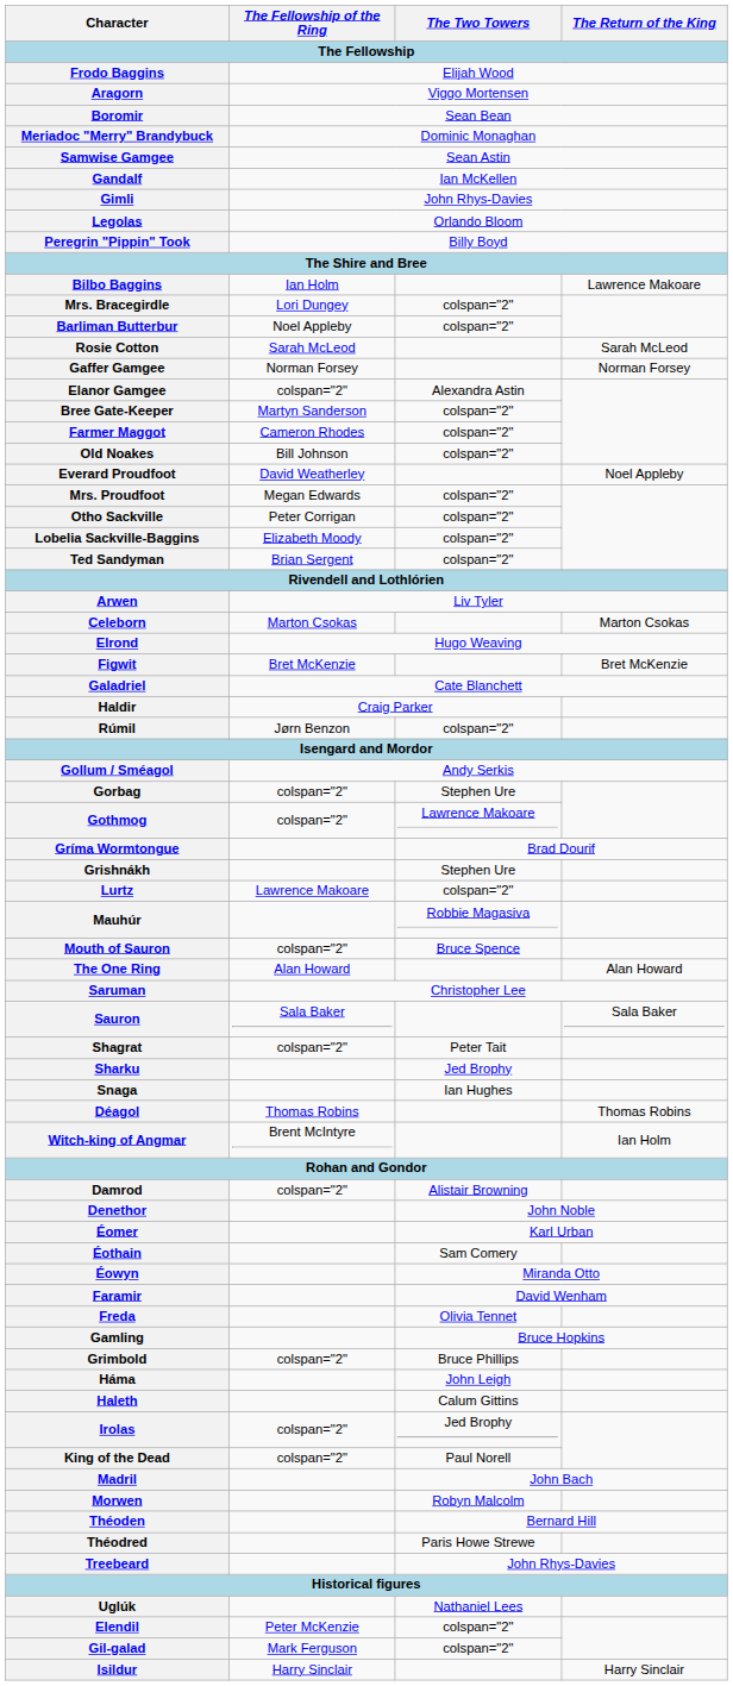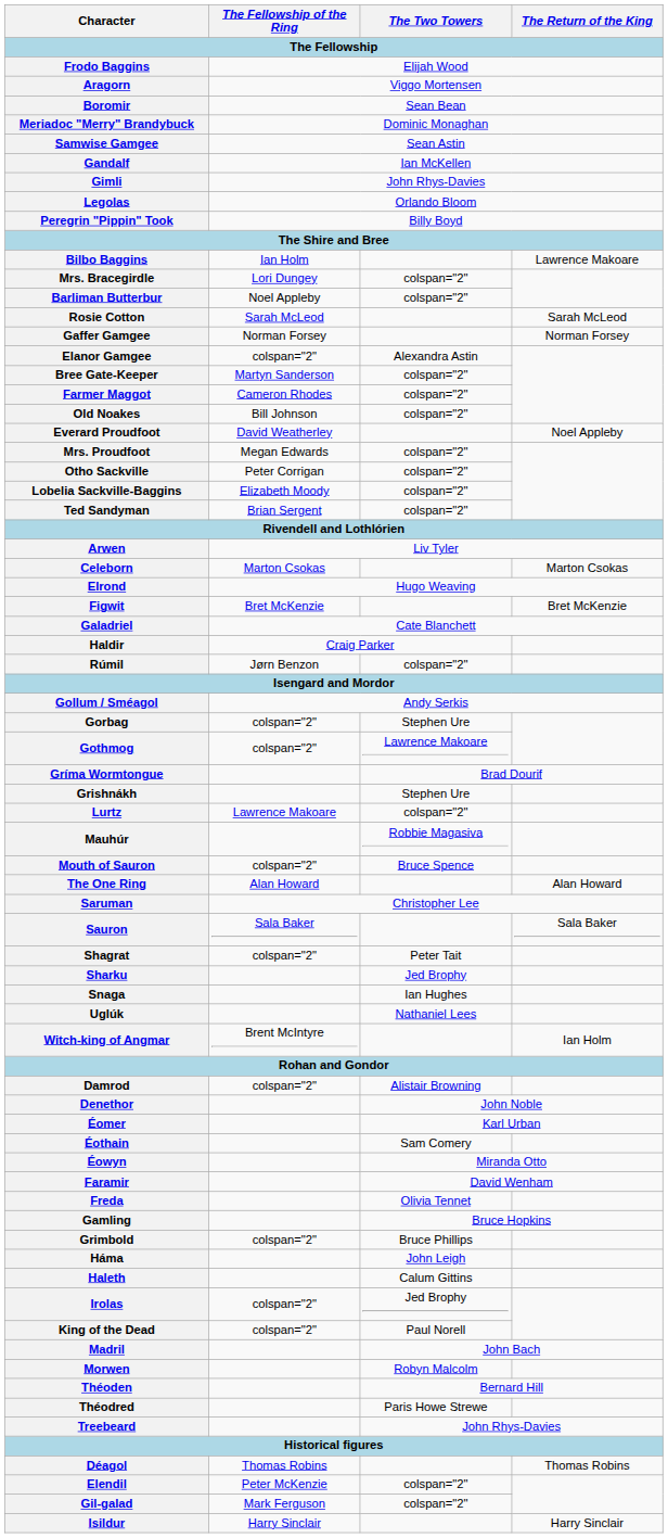 <table class="wikitable" style="text-align:center;">
 <tr>
 <th>Character</th>
 <th style="width:23%;"><em><a href='#'>The Fellowship of the Ring</a></em></th>
 <th style="width:23%;"><em><a href='#'>The Two Towers</a></em></th>
 <th style="width:23%;"><em><a href='#'>The Return of the King</a></em></th>
 </tr>
 <tr>
 <th colspan="4" style="background:lightblue;">The Fellowship</th>
 </tr>
 <tr>
 <th><a href='#'>Frodo Baggins</a></th>
 <td colspan="3"><a href='#'>Elijah Wood</a></td>
 </tr>
 <tr>
 <th><a href='#'>Aragorn</a></th>
 <td colspan="3"><a href='#'>Viggo Mortensen</a></td>
 </tr>
 <tr>
 <th><a href='#'>Boromir</a></th>
 <td colspan="3"><a href='#'>Sean Bean</a></td>
 </tr>
 <tr>
 <th><a href='#'>Meriadoc "Merry" Brandybuck</a></th>
 <td colspan="3"><a href='#'>Dominic Monaghan</a></td>
 </tr>
 <tr>
 <th><a href='#'>Samwise Gamgee</a></th>
 <td colspan="3"><a href='#'>Sean Astin</a></td>
 </tr>
 <tr>
 <th><a href='#'>Gandalf</a></th>
 <td colspan="3"><a href='#'>Ian McKellen</a></td>
 </tr>
 <tr>
 <th><a href='#'>Gimli</a></th>
 <td colspan="3"><a href='#'>John Rhys-Davies</a></td>
 </tr>
 <tr>
 <th><a href='#'>Legolas</a></th>
 <td colspan="3"><a href='#'>Orlando Bloom</a></td>
 </tr>
 <tr>
 <th><a href='#'>Peregrin "Pippin" Took</a></th>
 <td colspan="3"><a href='#'>Billy Boyd</a></td>
 </tr>
 <tr>
 <th colspan="4" style="background:lightblue;">The Shire and Bree</th>
 </tr>
 <tr>
 <th><a href='#'>Bilbo Baggins</a></th>
 <td><a href='#'>Ian Holm</a></td>
 <td></td>
 <td>Lawrence Makoare</td>
 </tr>
 <tr>
 <th>Mrs. Bracegirdle</th>
 <td><a href='#'>Lori Dungey</a></td>
 <td>colspan="2" </td>
 </tr>
 <tr>
 <th><a href='#'>Barliman Butterbur</a></th>
 <td>Noel Appleby</td>
 <td>colspan="2" </td>
 </tr>
 <tr>
 <th>Rosie Cotton</th>
 <td><a href='#'>Sarah McLeod</a></td>
 <td></td>
 <td>Sarah McLeod</td>
 </tr>
 <tr>
 <th>Gaffer Gamgee</th>
 <td>Norman Forsey</td>
 <td></td>
 <td>Norman Forsey</td>
 </tr>
 <tr>
 <th>Elanor Gamgee</th>
 <td>colspan="2" </td>
 <td>Alexandra Astin</td>
 </tr>
 <tr>
 <th>Bree Gate-Keeper</th>
 <td><a href='#'>Martyn Sanderson</a></td>
 <td>colspan="2" </td>
 </tr>
 <tr>
 <th><a href='#'>Farmer Maggot</a></th>
 <td><a href='#'>Cameron Rhodes</a></td>
 <td>colspan="2" </td>
 </tr>
 <tr>
 <th>Old Noakes</th>
 <td>Bill Johnson</td>
 <td>colspan="2" </td>
 </tr>
 <tr>
 <th>Everard Proudfoot</th>
 <td><a href='#'>David Weatherley</a></td>
 <td></td>
 <td>Noel Appleby</td>
 </tr>
 <tr>
 <th>Mrs. Proudfoot</th>
 <td>Megan Edwards</td>
 <td>colspan="2" </td>
 </tr>
 <tr>
 <th>Otho Sackville</th>
 <td>Peter Corrigan</td>
 <td>colspan="2" </td>
 </tr>
 <tr>
 <th>Lobelia Sackville-Baggins</th>
 <td><a href='#'>Elizabeth Moody</a></td>
 <td>colspan="2" </td>
 </tr>
 <tr>
 <th>Ted Sandyman</th>
 <td><a href='#'>Brian Sergent</a></td>
 <td>colspan="2" </td>
 </tr>
 <tr>
 <th colspan="4" style="background:lightblue;">Rivendell and Lothlórien</th>
 </tr>
 <tr>
 <th><a href='#'>Arwen</a></th>
 <td colspan="3"><a href='#'>Liv Tyler</a></td>
 </tr>
 <tr>
 <th><a href='#'>Celeborn</a></th>
 <td><a href='#'>Marton Csokas</a></td>
 <td></td>
 <td>Marton Csokas</td>
 </tr>
 <tr>
 <th><a href='#'>Elrond</a></th>
 <td colspan="3"><a href='#'>Hugo Weaving</a></td>
 </tr>
 <tr>
 <th><a href='#'>Figwit</a></th>
 <td><a href='#'>Bret McKenzie</a></td>
 <td></td>
 <td>Bret McKenzie</td>
 </tr>
 <tr>
 <th><a href='#'>Galadriel</a></th>
 <td colspan="3"><a href='#'>Cate Blanchett</a></td>
 </tr>
 <tr>
 <th>Haldir</th>
 <td colspan="2"><a href='#'>Craig Parker</a></td>
 <td></td>
 </tr>
 <tr>
 <th>Rúmil</th>
 <td>Jørn Benzon</td>
 <td>colspan="2" </td>
 </tr>
 <tr>
 <th colspan="4" style="background:lightblue;">Isengard and Mordor</th>
 </tr>
 <tr>
 <th><a href='#'>Gollum / Sméagol</a></th>
 <td colspan="3"><a href='#'>Andy Serkis</a></td>
 </tr>
 <tr>
 <th>Gorbag</th>
 <td>colspan="2" </td>
 <td>Stephen Ure</td>
 </tr>
 <tr>
 <th><a href='#'>Gothmog</a></th>
 <td>colspan="2" </td>
 <td><a href='#'>Lawrence Makoare</a><hr></td>
 </tr>
 <tr>
 <th><a href='#'>Gríma Wormtongue</a></th>
 <td></td>
 <td colspan="2"><a href='#'>Brad Dourif</a></td>
 </tr>
 <tr>
 <th>Grishnákh</th>
 <td></td>
 <td>Stephen Ure</td>
 <td></td>
 </tr>
 <tr>
 <th><a href='#'>Lurtz</a></th>
 <td><a href='#'>Lawrence Makoare</a></td>
 <td>colspan="2" </td>
 </tr>
 <tr>
 <th>Mauhúr</th>
 <td></td>
 <td><a href='#'>Robbie Magasiva</a><hr></td>
 <td></td>
 </tr>
 <tr>
 <th><a href='#'>Mouth of Sauron</a></th>
 <td>colspan="2" </td>
 <td><a href='#'>Bruce Spence</a></td>
 </tr>
 <tr>
 <th><a href='#'>The One Ring</a></th>
 <td><a href='#'>Alan Howard</a></td>
 <td></td>
 <td>Alan Howard</td>
 </tr>
 <tr>
 <th><a href='#'>Saruman</a></th>
 <td colspan="3"><a href='#'>Christopher Lee</a></td>
 </tr>
 <tr>
 <th><a href='#'>Sauron</a></th>
 <td><a href='#'>Sala Baker</a><hr></td>
 <td></td>
 <td>Sala Baker<hr></td>
 </tr>
 <tr>
 <th>Shagrat</th>
 <td>colspan="2" </td>
 <td>Peter Tait</td>
 </tr>
 <tr>
 <th><a href='#'>Sharku</a></th>
 <td></td>
 <td><a href='#'>Jed Brophy</a></td>
 <td></td>
 </tr>
 <tr>
 <th>Snaga</th>
 <td></td>
 <td>Ian Hughes</td>
 <td></td>
 </tr>
 <tr>
-<th><a href='#'>Déagol</a></th>
-<td><a href='#'>Thomas Robins</a> </td>
+<th>Uglúk</th>
 <td></td>
-<td>Thomas Robins</td>
+<td><a href='#'>Nathaniel Lees</a></td>
+<td></td>
 </tr>
 <tr>
 <th><a href='#'>Witch-king of Angmar</a></th>
 <td>Brent McIntyre<hr></td>
 <td></td>
 <td>Ian Holm</td>
 </tr>
 <tr>
 <th colspan="4" style="background:lightblue;">Rohan and Gondor</th>
 </tr>
 <tr>
 <th>Damrod</th>
 <td>colspan="2" </td>
 <td><a href='#'>Alistair Browning</a></td>
 </tr>
 <tr>
 <th><a href='#'>Denethor</a></th>
 <td></td>
 <td colspan="2"><a href='#'>John Noble</a></td>
 </tr>
 <tr>
 <th><a href='#'>Éomer</a></th>
 <td></td>
 <td colspan="2"><a href='#'>Karl Urban</a></td>
 </tr>
 <tr>
 <th><a href='#'>Éothain</a></th>
 <td></td>
 <td>Sam Comery</td>
 <td></td>
 </tr>
 <tr>
 <th><a href='#'>Éowyn</a></th>
 <td></td>
 <td colspan="2"><a href='#'>Miranda Otto</a></td>
 </tr>
 <tr>
 <th><a href='#'>Faramir</a></th>
 <td></td>
 <td colspan="2"><a href='#'>David Wenham</a></td>
 </tr>
 <tr>
 <th><a href='#'>Freda</a></th>
 <td></td>
 <td><a href='#'>Olivia Tennet</a></td>
 <td></td>
 </tr>
 <tr>
 <th>Gamling</th>
 <td></td>
 <td colspan="2"><a href='#'>Bruce Hopkins</a></td>
 </tr>
 <tr>
 <th>Grimbold</th>
 <td>colspan="2" </td>
 <td>Bruce Phillips</td>
 </tr>
 <tr>
 <th>Háma</th>
 <td></td>
 <td><a href='#'>John Leigh</a></td>
 <td></td>
 </tr>
 <tr>
 <th><a href='#'>Haleth</a></th>
 <td></td>
 <td>Calum Gittins</td>
 <td></td>
 </tr>
 <tr>
 <th><a href='#'>Irolas</a></th>
 <td>colspan="2" </td>
 <td>Jed Brophy<hr></td>
 </tr>
 <tr>
 <th>King of the Dead</th>
 <td>colspan="2" </td>
 <td>Paul Norell</td>
 </tr>
 <tr>
 <th><a href='#'>Madril</a></th>
 <td></td>
 <td colspan="2"><a href='#'>John Bach</a></td>
 </tr>
 <tr>
 <th><a href='#'>Morwen</a></th>
 <td></td>
 <td><a href='#'>Robyn Malcolm</a></td>
 <td></td>
 </tr>
 <tr>
 <th><a href='#'>Théoden</a></th>
 <td></td>
 <td colspan="2"><a href='#'>Bernard Hill</a></td>
 </tr>
 <tr>
 <th>Théodred</th>
 <td></td>
 <td>Paris Howe Strewe</td>
 <td></td>
 </tr>
 <tr>
 <th><a href='#'>Treebeard</a></th>
 <td></td>
 <td colspan="2"><a href='#'>John Rhys-Davies</a></td>
 </tr>
 <tr>
 <th colspan="4" style="background:lightblue;">Historical figures</th>
 </tr>
 <tr>
-<th>Uglúk</th>
+<th><a href='#'>Déagol</a></th>
+<td><a href='#'>Thomas Robins</a> </td>
 <td></td>
-<td><a href='#'>Nathaniel Lees</a></td>
-<td></td>
+<td>Thomas Robins</td>
 </tr>
 <tr>
 <th><a href='#'>Elendil</a></th>
 <td><a href='#'>Peter McKenzie</a></td>
 <td>colspan="2" </td>
 </tr>
 <tr>
 <th><a href='#'>Gil-galad</a></th>
 <td><a href='#'>Mark Ferguson</a></td>
 <td>colspan="2" </td>
 </tr>
 <tr>
 <th><a href='#'>Isildur</a></th>
 <td><a href='#'>Harry Sinclair</a></td>
 <td></td>
 <td>Harry Sinclair</td>
 </tr>
 </table>
